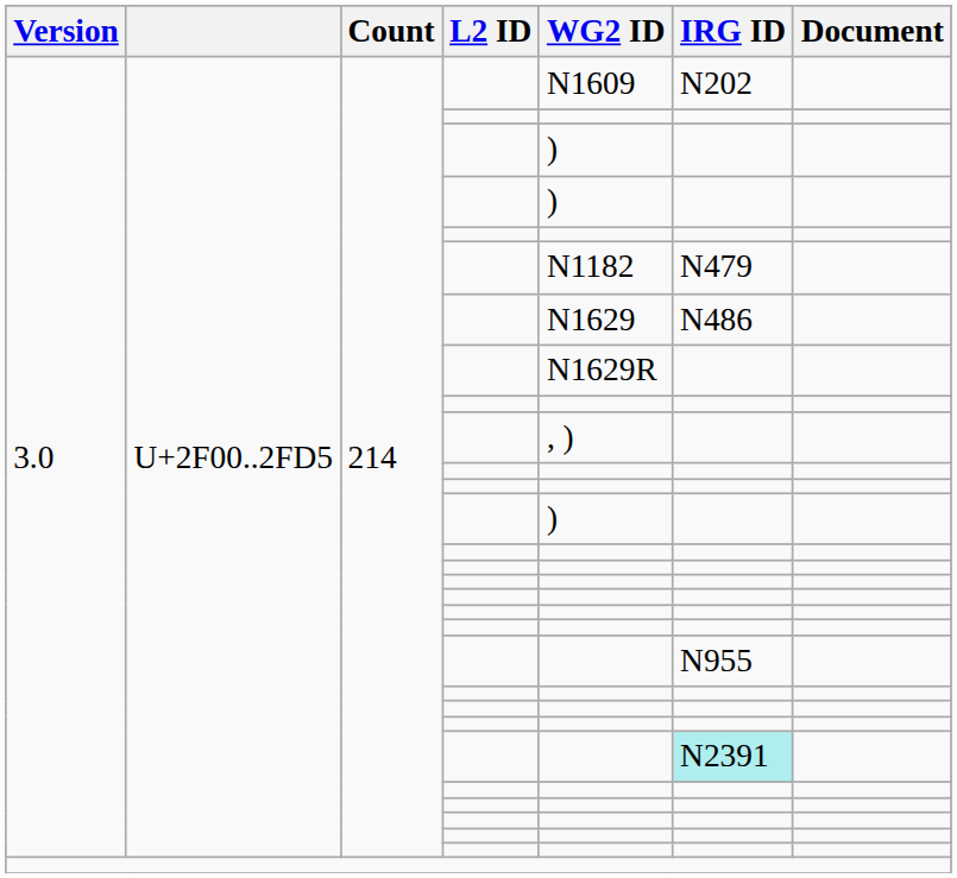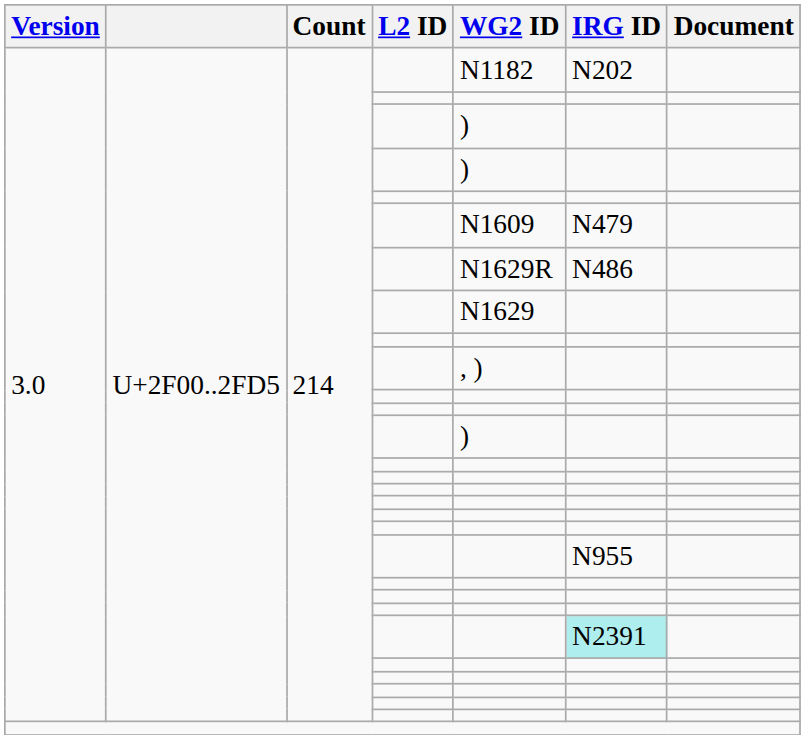 <table class="wikitable collapsible sticky-header">
 <tr>
 <th><a href='#'>Version</a></th>
 <th></th>
 <th>Count</th>
 <th><a href='#'>L2</a> ID</th>
 <th><a href='#'>WG2</a> ID</th>
 <th><a href='#'>IRG</a> ID</th>
 <th>Document</th>
 </tr>
 <tr>
 <td rowspan="29">3.0</td>
 <td rowspan="29">U+2F00..2FD5</td>
 <td rowspan="29">214</td>
 <td></td>
-<td>N1609</td>
+<td>N1182</td>
 <td>N202</td>
 <td></td>
 </tr>
 <tr>
 <td></td>
 <td></td>
 <td></td>
 <td></td>
 </tr>
 <tr>
 <td></td>
 <td> )</td>
 <td></td>
 <td></td>
 </tr>
 <tr>
 <td></td>
 <td> )</td>
 <td></td>
 <td></td>
 </tr>
 <tr>
 <td></td>
 <td></td>
 <td></td>
 <td></td>
 </tr>
 <tr>
 <td></td>
-<td>N1182</td>
+<td>N1609</td>
 <td>N479</td>
 <td></td>
 </tr>
 <tr>
 <td></td>
-<td>N1629</td>
+<td>N1629R</td>
 <td>N486</td>
 <td></td>
 </tr>
 <tr>
 <td></td>
-<td>N1629R</td>
+<td>N1629</td>
 <td></td>
 <td></td>
 </tr>
 <tr>
 <td></td>
 <td></td>
 <td></td>
 <td></td>
 </tr>
 <tr>
 <td></td>
 <td> , )</td>
 <td></td>
 <td></td>
 </tr>
 <tr>
 <td></td>
 <td></td>
 <td></td>
 <td></td>
 </tr>
 <tr>
 <td></td>
 <td></td>
 <td></td>
 <td></td>
 </tr>
 <tr>
 <td></td>
 <td> )</td>
 <td></td>
 <td></td>
 </tr>
 <tr>
 <td></td>
 <td></td>
 <td></td>
 <td></td>
 </tr>
 <tr>
 <td></td>
 <td></td>
 <td></td>
 <td></td>
 </tr>
 <tr>
 <td></td>
 <td></td>
 <td></td>
 <td></td>
 </tr>
 <tr>
 <td></td>
 <td></td>
 <td></td>
 <td></td>
 </tr>
 <tr>
 <td></td>
 <td></td>
 <td></td>
 <td></td>
 </tr>
 <tr>
 <td></td>
 <td></td>
 <td></td>
 <td></td>
 </tr>
 <tr>
 <td></td>
 <td></td>
 <td>N955</td>
 <td></td>
 </tr>
 <tr>
 <td></td>
 <td></td>
 <td></td>
 <td></td>
 </tr>
 <tr>
 <td></td>
 <td></td>
 <td></td>
 <td></td>
 </tr>
 <tr>
 <td></td>
 <td></td>
 <td></td>
 <td></td>
 </tr>
 <tr>
 <td></td>
 <td></td>
 <td style="background: paleturquoise;">N2391</td>
 <td></td>
 </tr>
 <tr>
 <td></td>
 <td></td>
 <td></td>
 <td></td>
 </tr>
 <tr>
 <td></td>
 <td></td>
 <td></td>
 <td></td>
 </tr>
 <tr>
 <td></td>
 <td></td>
 <td></td>
 <td></td>
 </tr>
 <tr>
 <td></td>
 <td></td>
 <td></td>
 <td></td>
 </tr>
 <tr>
 <td></td>
 <td></td>
 <td></td>
 <td></td>
 </tr>
 <tr class="sortbottom">
 <td colspan="7"></td>
 </tr>
 </table>
